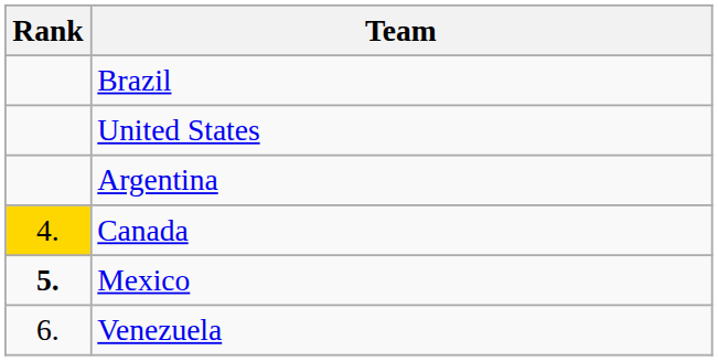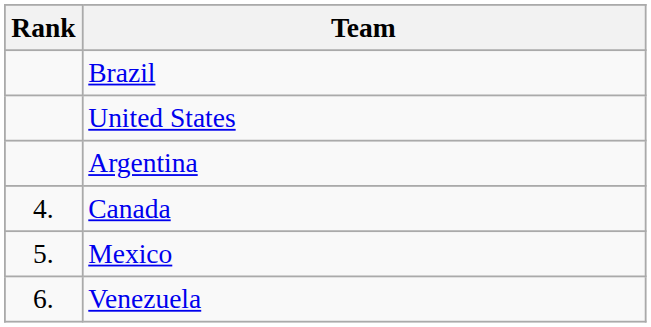 <table class="wikitable" style="font-size:95%">
 <tr>
 <th>Rank</th>
 <th align="left" style="width: 20em">Team</th>
 </tr>
 <tr>
 <td align="center"></td>
 <td> <a href='#'>Brazil</a></td>
 </tr>
 <tr>
 <td align="center"></td>
 <td> <a href='#'>United States</a></td>
 </tr>
 <tr>
 <td align="center"></td>
 <td> <a href='#'>Argentina</a></td>
 </tr>
 <tr>
-<td rowspan=1 align="center" style="background: gold;">4.</td>
+<td rowspan=1 align="center">4.</td>
 <td> <a href='#'>Canada</a></td>
 </tr>
 <tr>
-<td rowspan=1 align="center"><strong>5.</strong></td>
+<td rowspan=1 align="center">5.</td>
 <td> <a href='#'>Mexico</a></td>
 </tr>
 <tr>
 <td rowspan=1 align="center">6.</td>
 <td> <a href='#'>Venezuela</a></td>
 </tr>
 </table>
